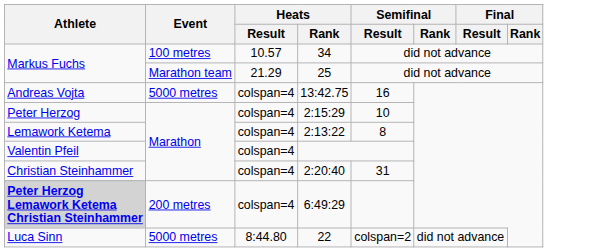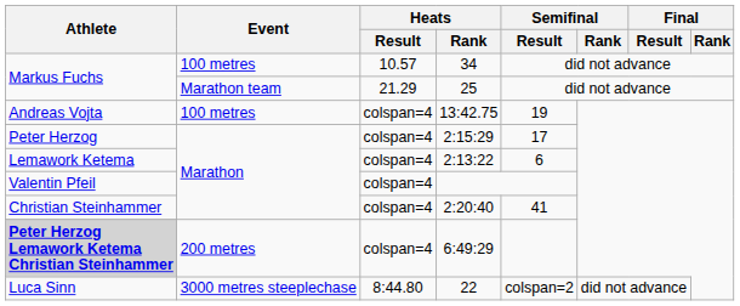 <table class="wikitable" border="1" style="font-size:90%">
 <tr>
 <th rowspan="2">Athlete</th>
 <th rowspan="2">Event</th>
 <th colspan="2">Heats</th>
 <th colspan="2">Semifinal</th>
 <th colspan="2">Final</th>
 </tr>
 <tr>
 <th>Result</th>
 <th>Rank</th>
 <th>Result</th>
 <th>Rank</th>
 <th>Result</th>
 <th>Rank</th>
 </tr>
 <tr align=center>
 <td rowspan=2 align=left><a href='#'>Markus Fuchs</a></td>
 <td align=left><a href='#'>100 metres</a></td>
 <td>10.57</td>
 <td>34</td>
 <td align=center colspan=4>did not advance</td>
 </tr>
 <tr align=center>
 <td align=left><a href='#'>Marathon team</a></td>
 <td>21.29</td>
 <td>25</td>
 <td align=center colspan=4>did not advance</td>
 </tr>
 <tr align=center>
 <td align=left><a href='#'>Andreas Vojta</a></td>
-<td align=left><a href='#'>5000 metres</a></td>
+<td align=left><a href='#'>100 metres</a></td>
 <td>colspan=4</td>
 <td>13:42.75 </td>
-<td>16</td>
+<td>19</td>
 </tr>
 <tr align=center>
 <td align=left><a href='#'>Peter Herzog</a></td>
 <td align=left rowspan=4><a href='#'>Marathon</a></td>
 <td>colspan=4</td>
 <td>2:15:29 </td>
-<td>10</td>
+<td>17</td>
 </tr>
 <tr align=center>
 <td align=left><a href='#'>Lemawork Ketema</a></td>
 <td>colspan=4</td>
 <td>2:13:22 </td>
-<td>8</td>
+<td>6</td>
 </tr>
 <tr align=center>
 <td align=left><a href='#'>Valentin Pfeil</a></td>
 <td>colspan=4</td>
 <td colspan=2></td>
 </tr>
 <tr align=center>
 <td align=left><a href='#'>Christian Steinhammer</a></td>
 <td>colspan=4</td>
 <td>2:20:40</td>
-<td>31</td>
+<td>41</td>
 </tr>
 <tr align=center>
 <td align=left style="background: lightgrey;"><strong><a href='#'>Peter Herzog</a><br><a href='#'>Lemawork Ketema</a><br><a href='#'>Christian Steinhammer</a></strong></td>
 <td align=left><a href='#'>200 metres</a></td>
 <td>colspan=4</td>
 <td>6:49:29</td>
 <td></td>
 </tr>
 <tr align=center>
 <td align=left><a href='#'>Luca Sinn</a></td>
-<td align=left><a href='#'>5000 metres</a></td>
+<td align=left><a href='#'>3000 metres steeplechase</a></td>
 <td>8:44.80 </td>
 <td>22</td>
 <td>colspan=2</td>
 <td colspan=2>did not advance</td>
 </tr>
 </table>
